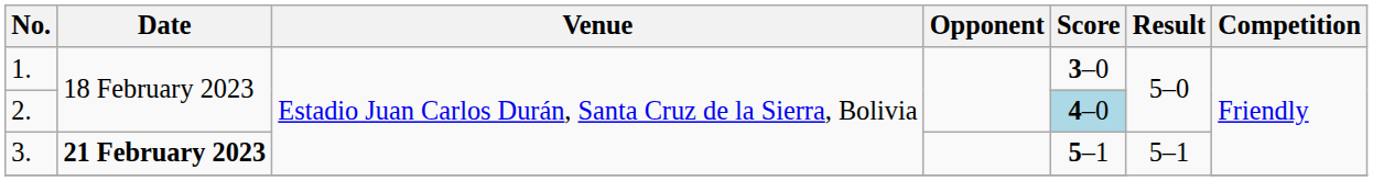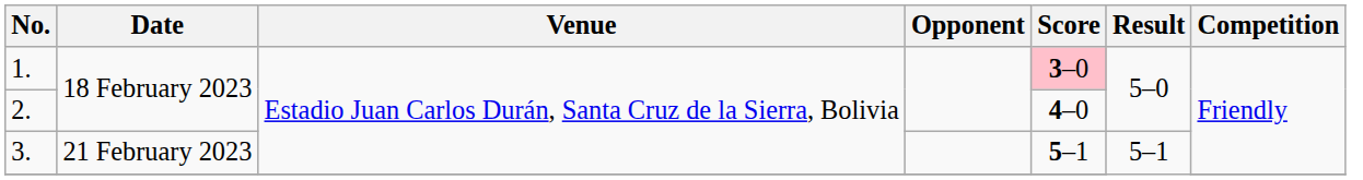 <table class="wikitable">
 <tr>
 <th>No.</th>
 <th>Date</th>
 <th>Venue</th>
 <th>Opponent</th>
 <th>Score</th>
 <th>Result</th>
 <th>Competition</th>
 </tr>
 <tr>
 <td>1.</td>
 <td rowspan=2>18 February 2023</td>
 <td rowspan=3><a href='#'>Estadio Juan Carlos Durán</a>, <a href='#'>Santa Cruz de la Sierra</a>, Bolivia</td>
 <td rowspan=2></td>
-<td align=center><strong>3</strong>–0</td>
+<td align=center style="background: pink;"><strong>3</strong>–0</td>
 <td rowspan=2 align=center>5–0</td>
 <td rowspan=3><a href='#'>Friendly</a></td>
 </tr>
 <tr>
 <td>2.</td>
-<td align=center style="background: lightblue;"><strong>4</strong>–0</td>
+<td align=center><strong>4</strong>–0</td>
 </tr>
 <tr>
 <td>3.</td>
-<td><strong>21 February 2023</strong></td>
+<td>21 February 2023</td>
 <td></td>
 <td align=center><strong>5</strong>–1</td>
 <td rowspan=2 align=center>5–1</td>
 </tr>
 <tr>
 </tr>
 </table>
